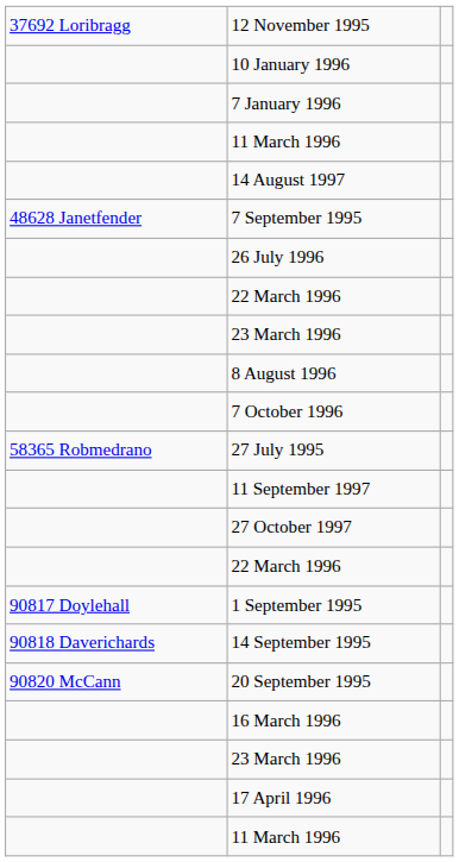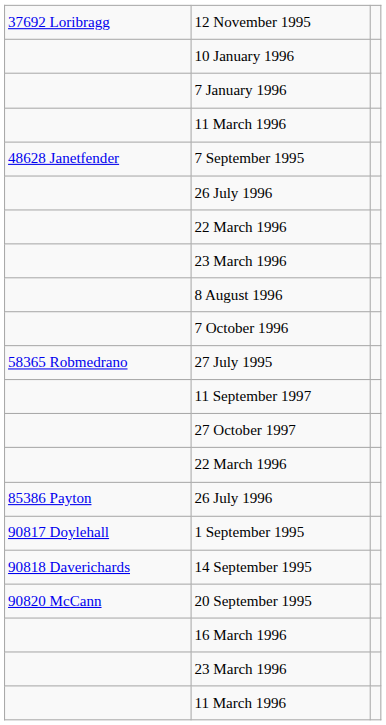 <table class="wikitable" style="font-size: 89%; float: left; width: 25em; margin-right: 1em; line-height: 1.65em !important; height: 675px;">
 <tr>
 <td><a href='#'>37692 Loribragg</a></td>
 <td>12 November 1995</td>
 <td></td>
 </tr>
 <tr>
 <td></td>
 <td>10 January 1996</td>
 <td></td>
 </tr>
 <tr>
 <td></td>
 <td>7 January 1996</td>
 <td></td>
 </tr>
 <tr>
 <td></td>
 <td>11 March 1996</td>
-<td></td>
-</tr>
-<tr>
-<td></td>
-<td>14 August 1997</td>
 <td></td>
 </tr>
 <tr>
 <td><a href='#'>48628 Janetfender</a></td>
 <td>7 September 1995</td>
 <td></td>
 </tr>
 <tr>
 <td></td>
 <td>26 July 1996</td>
 <td></td>
 </tr>
 <tr>
 <td></td>
 <td>22 March 1996</td>
 <td></td>
 </tr>
 <tr>
 <td></td>
 <td>23 March 1996</td>
 <td></td>
 </tr>
 <tr>
 <td></td>
 <td>8 August 1996</td>
 <td></td>
 </tr>
 <tr>
 <td></td>
 <td>7 October 1996</td>
 <td></td>
 </tr>
 <tr>
 <td><a href='#'>58365 Robmedrano</a></td>
 <td>27 July 1995</td>
 <td></td>
 </tr>
 <tr>
 <td></td>
 <td>11 September 1997</td>
 <td></td>
 </tr>
 <tr>
 <td></td>
 <td>27 October 1997</td>
 <td></td>
 </tr>
 <tr>
 <td></td>
 <td>22 March 1996</td>
 <td></td>
 </tr>
 <tr>
+<td><a href='#'>85386 Payton</a></td>
+<td>26 July 1996</td>
+<td></td>
+</tr>
+<tr>
 <td><a href='#'>90817 Doylehall</a></td>
 <td>1 September 1995</td>
 <td></td>
 </tr>
 <tr>
 <td><a href='#'>90818 Daverichards</a></td>
 <td>14 September 1995</td>
 <td></td>
 </tr>
 <tr>
 <td><a href='#'>90820 McCann</a></td>
 <td>20 September 1995</td>
 <td></td>
 </tr>
 <tr>
 <td></td>
 <td>16 March 1996</td>
 <td></td>
 </tr>
 <tr>
 <td></td>
 <td>23 March 1996</td>
 <td></td>
 </tr>
 <tr>
 <td></td>
-<td>17 April 1996</td>
-<td></td>
-</tr>
-<tr>
-<td></td>
 <td>11 March 1996</td>
 <td></td>
 </tr>
 </table>
